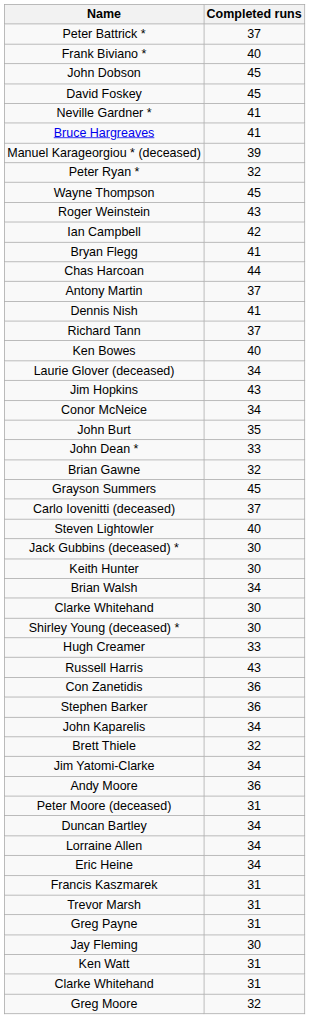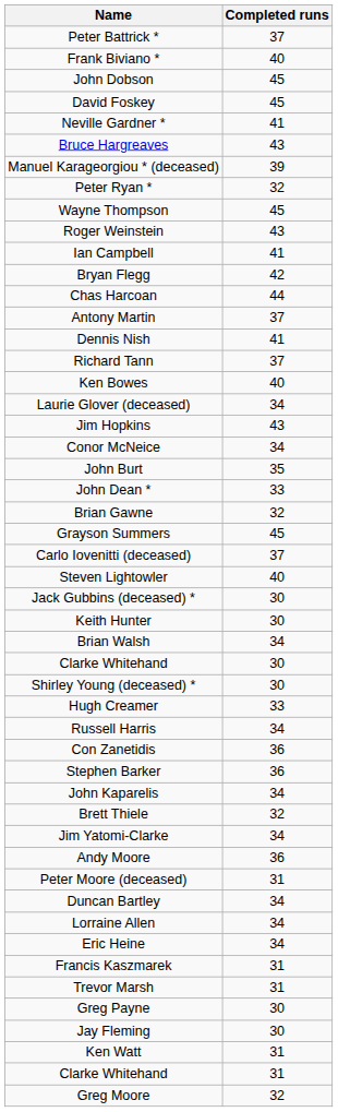 <table class="wikitable sortable" style="text-align:center">
 <tr>
 <th>Name</th>
 <th>Completed runs</th>
 </tr>
 <tr>
 <td>Peter Battrick *</td>
 <td>37</td>
 </tr>
 <tr>
 <td>Frank Biviano *</td>
 <td>40</td>
 </tr>
 <tr>
 <td>John Dobson</td>
 <td>45</td>
 </tr>
 <tr>
 <td>David Foskey</td>
 <td>45</td>
 </tr>
 <tr>
 <td>Neville Gardner *</td>
 <td>41</td>
 </tr>
 <tr>
 <td><a href='#'>Bruce Hargreaves</a></td>
-<td>41</td>
+<td>43</td>
 </tr>
 <tr>
 <td>Manuel Karageorgiou * (deceased)</td>
 <td>39</td>
 </tr>
 <tr>
 <td>Peter Ryan *</td>
 <td>32</td>
 </tr>
 <tr>
 <td>Wayne Thompson</td>
 <td>45</td>
 </tr>
 <tr>
 <td>Roger Weinstein</td>
 <td>43</td>
 </tr>
 <tr>
 <td>Ian Campbell</td>
-<td>42</td>
+<td>41</td>
 </tr>
 <tr>
 <td>Bryan Flegg</td>
-<td>41</td>
+<td>42</td>
 </tr>
 <tr>
 <td>Chas Harcoan</td>
 <td>44</td>
 </tr>
 <tr>
 <td>Antony Martin</td>
 <td>37</td>
 </tr>
 <tr>
 <td>Dennis Nish</td>
 <td>41</td>
 </tr>
 <tr>
 <td>Richard Tann</td>
 <td>37</td>
 </tr>
 <tr>
 <td>Ken Bowes</td>
 <td>40</td>
 </tr>
 <tr>
 <td>Laurie Glover (deceased)</td>
 <td>34</td>
 </tr>
 <tr>
 <td>Jim Hopkins</td>
 <td>43</td>
 </tr>
 <tr>
 <td>Conor McNeice</td>
 <td>34</td>
 </tr>
 <tr>
 <td>John Burt</td>
 <td>35</td>
 </tr>
 <tr>
 <td>John Dean *</td>
 <td>33</td>
 </tr>
 <tr>
 <td>Brian Gawne</td>
 <td>32</td>
 </tr>
 <tr>
 <td>Grayson Summers</td>
 <td>45</td>
 </tr>
 <tr>
 <td>Carlo Iovenitti (deceased)</td>
 <td>37</td>
 </tr>
 <tr>
 <td>Steven Lightowler</td>
 <td>40</td>
 </tr>
 <tr>
 <td>Jack Gubbins (deceased) *</td>
 <td>30</td>
 </tr>
 <tr>
 <td>Keith Hunter</td>
 <td>30</td>
 </tr>
 <tr>
 <td>Brian Walsh</td>
 <td>34</td>
 </tr>
 <tr>
 <td>Clarke Whitehand</td>
 <td>30</td>
 </tr>
 <tr>
 <td>Shirley Young (deceased) *</td>
 <td>30</td>
 </tr>
 <tr>
 <td>Hugh Creamer</td>
 <td>33</td>
 </tr>
 <tr>
 <td>Russell Harris</td>
-<td>43</td>
+<td>34</td>
 </tr>
 <tr>
 <td>Con Zanetidis</td>
 <td>36</td>
 </tr>
 <tr>
 <td>Stephen Barker</td>
 <td>36</td>
 </tr>
 <tr>
 <td>John Kaparelis</td>
 <td>34</td>
 </tr>
 <tr>
 <td>Brett Thiele</td>
 <td>32</td>
 </tr>
 <tr>
 <td>Jim Yatomi-Clarke</td>
 <td>34</td>
 </tr>
 <tr>
 <td>Andy Moore</td>
 <td>36</td>
 </tr>
 <tr>
 <td>Peter Moore (deceased)</td>
 <td>31</td>
 </tr>
 <tr>
 <td>Duncan Bartley</td>
 <td>34</td>
 </tr>
 <tr>
 <td>Lorraine Allen</td>
 <td>34</td>
 </tr>
 <tr>
 <td>Eric Heine</td>
 <td>34</td>
 </tr>
 <tr>
 <td>Francis Kaszmarek</td>
 <td>31</td>
 </tr>
 <tr>
 <td>Trevor Marsh</td>
 <td>31</td>
 </tr>
 <tr>
 <td>Greg Payne</td>
-<td>31</td>
+<td>30</td>
 </tr>
 <tr>
 <td>Jay Fleming</td>
 <td>30</td>
 </tr>
 <tr>
 <td>Ken Watt</td>
 <td>31</td>
 </tr>
 <tr>
 <td>Clarke Whitehand</td>
 <td>31</td>
 </tr>
 <tr>
 <td>Greg Moore</td>
 <td>32</td>
 </tr>
 </table>
